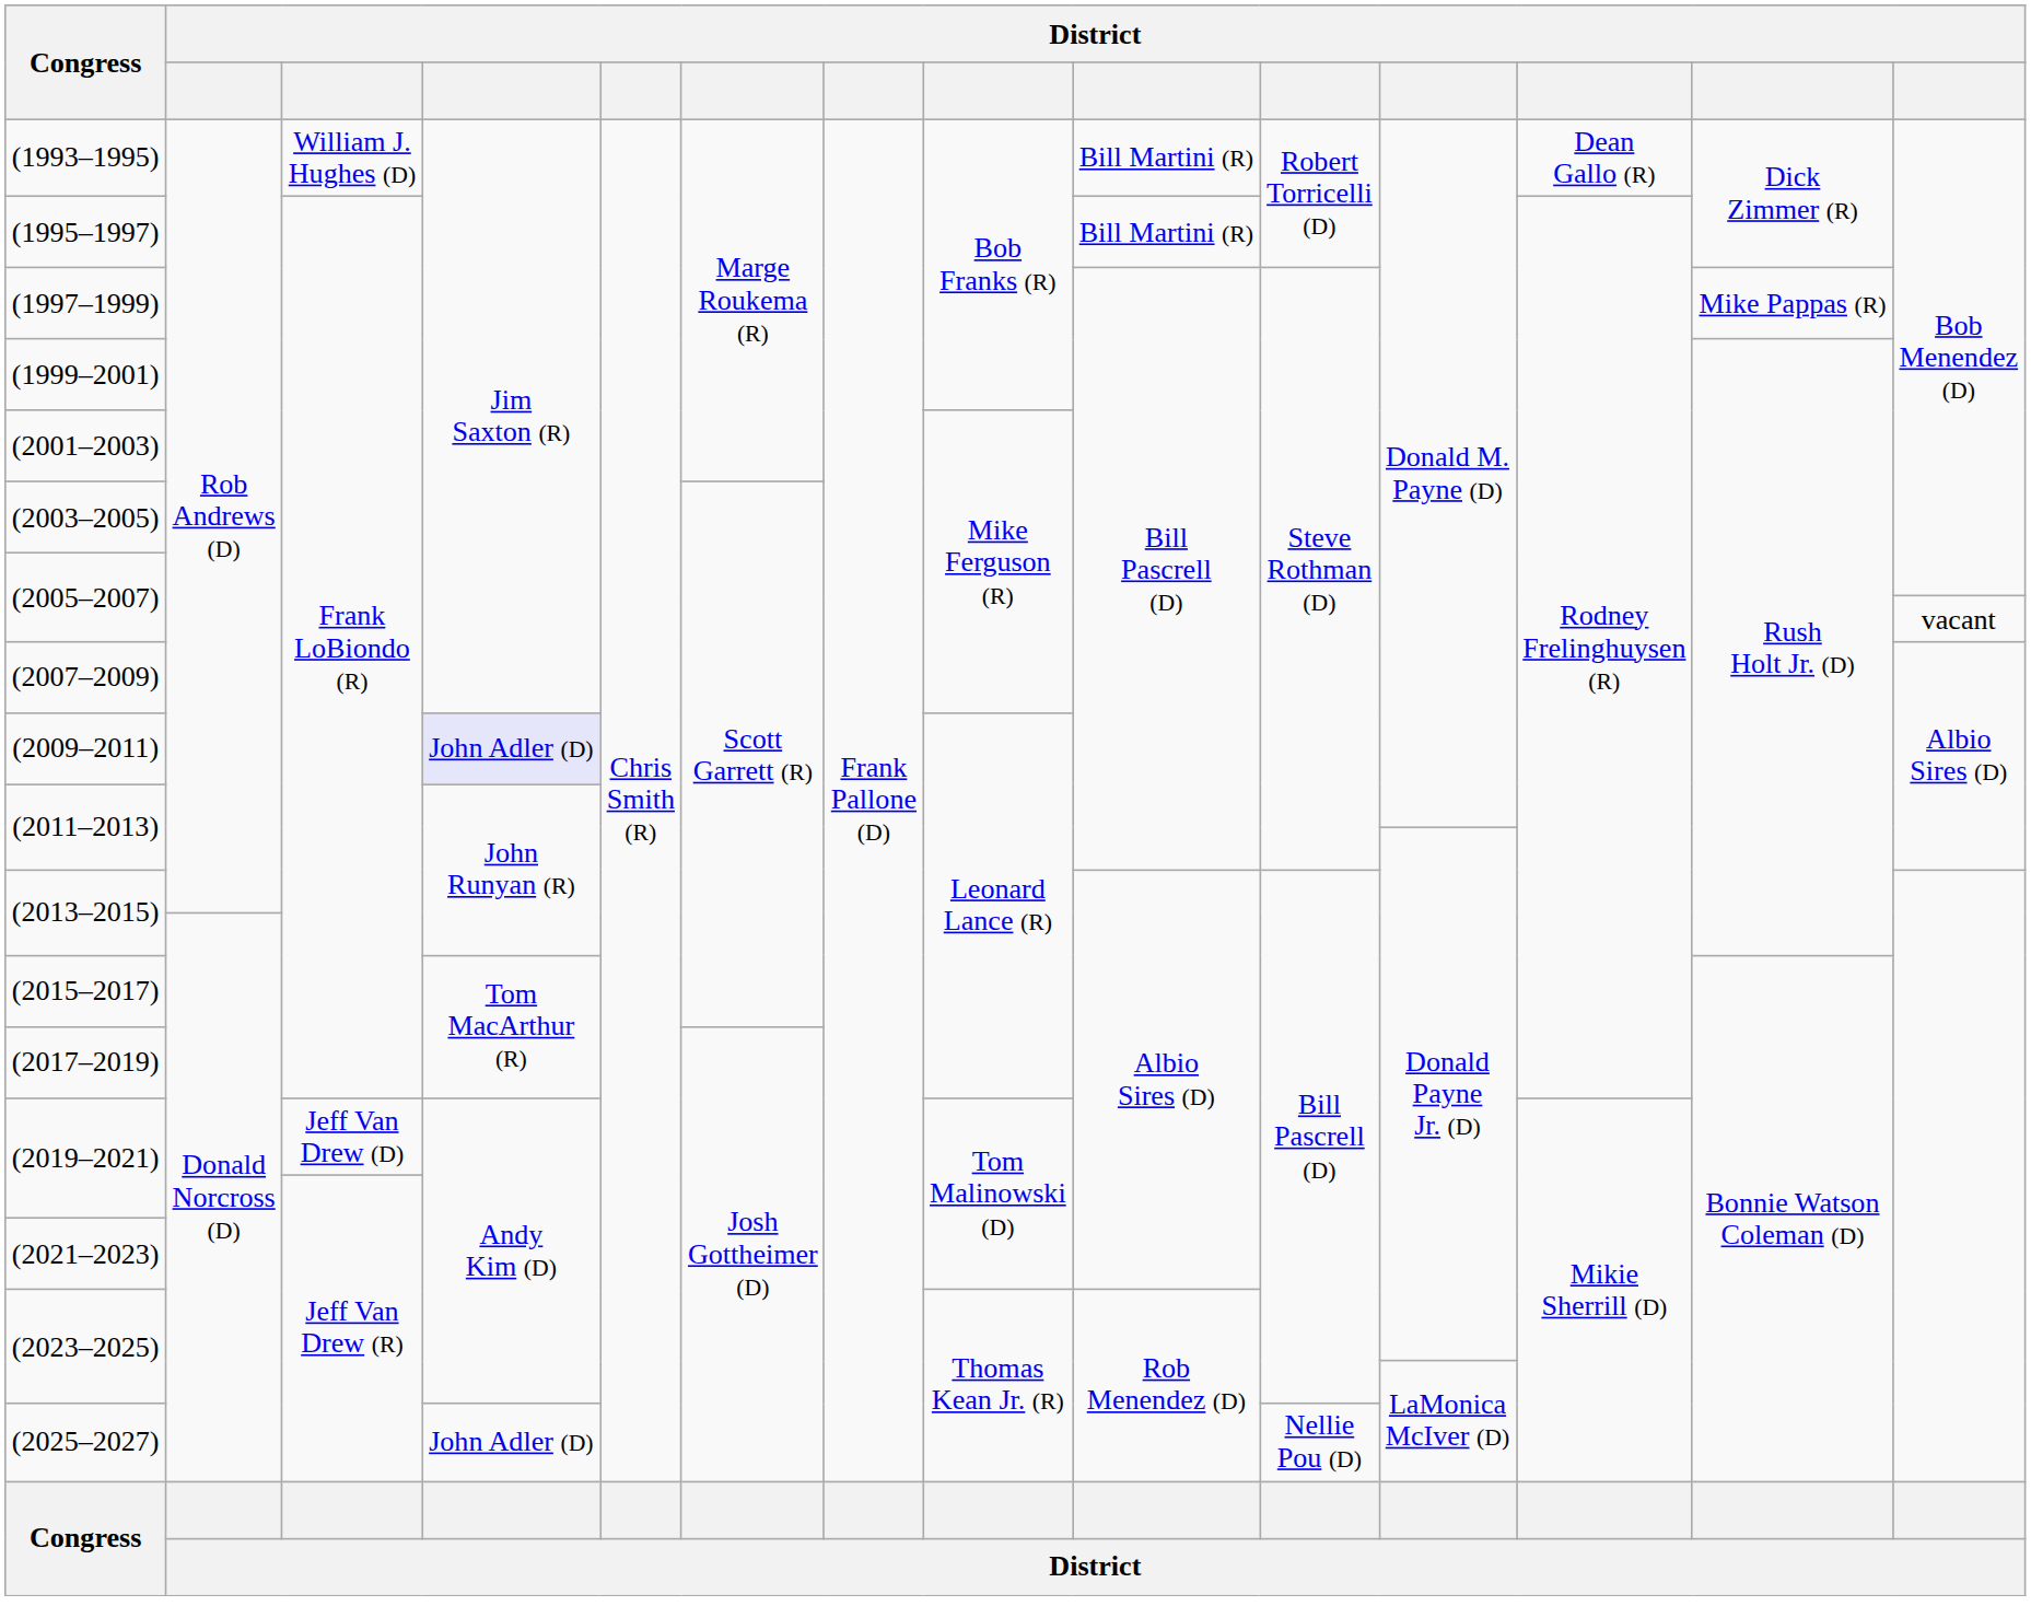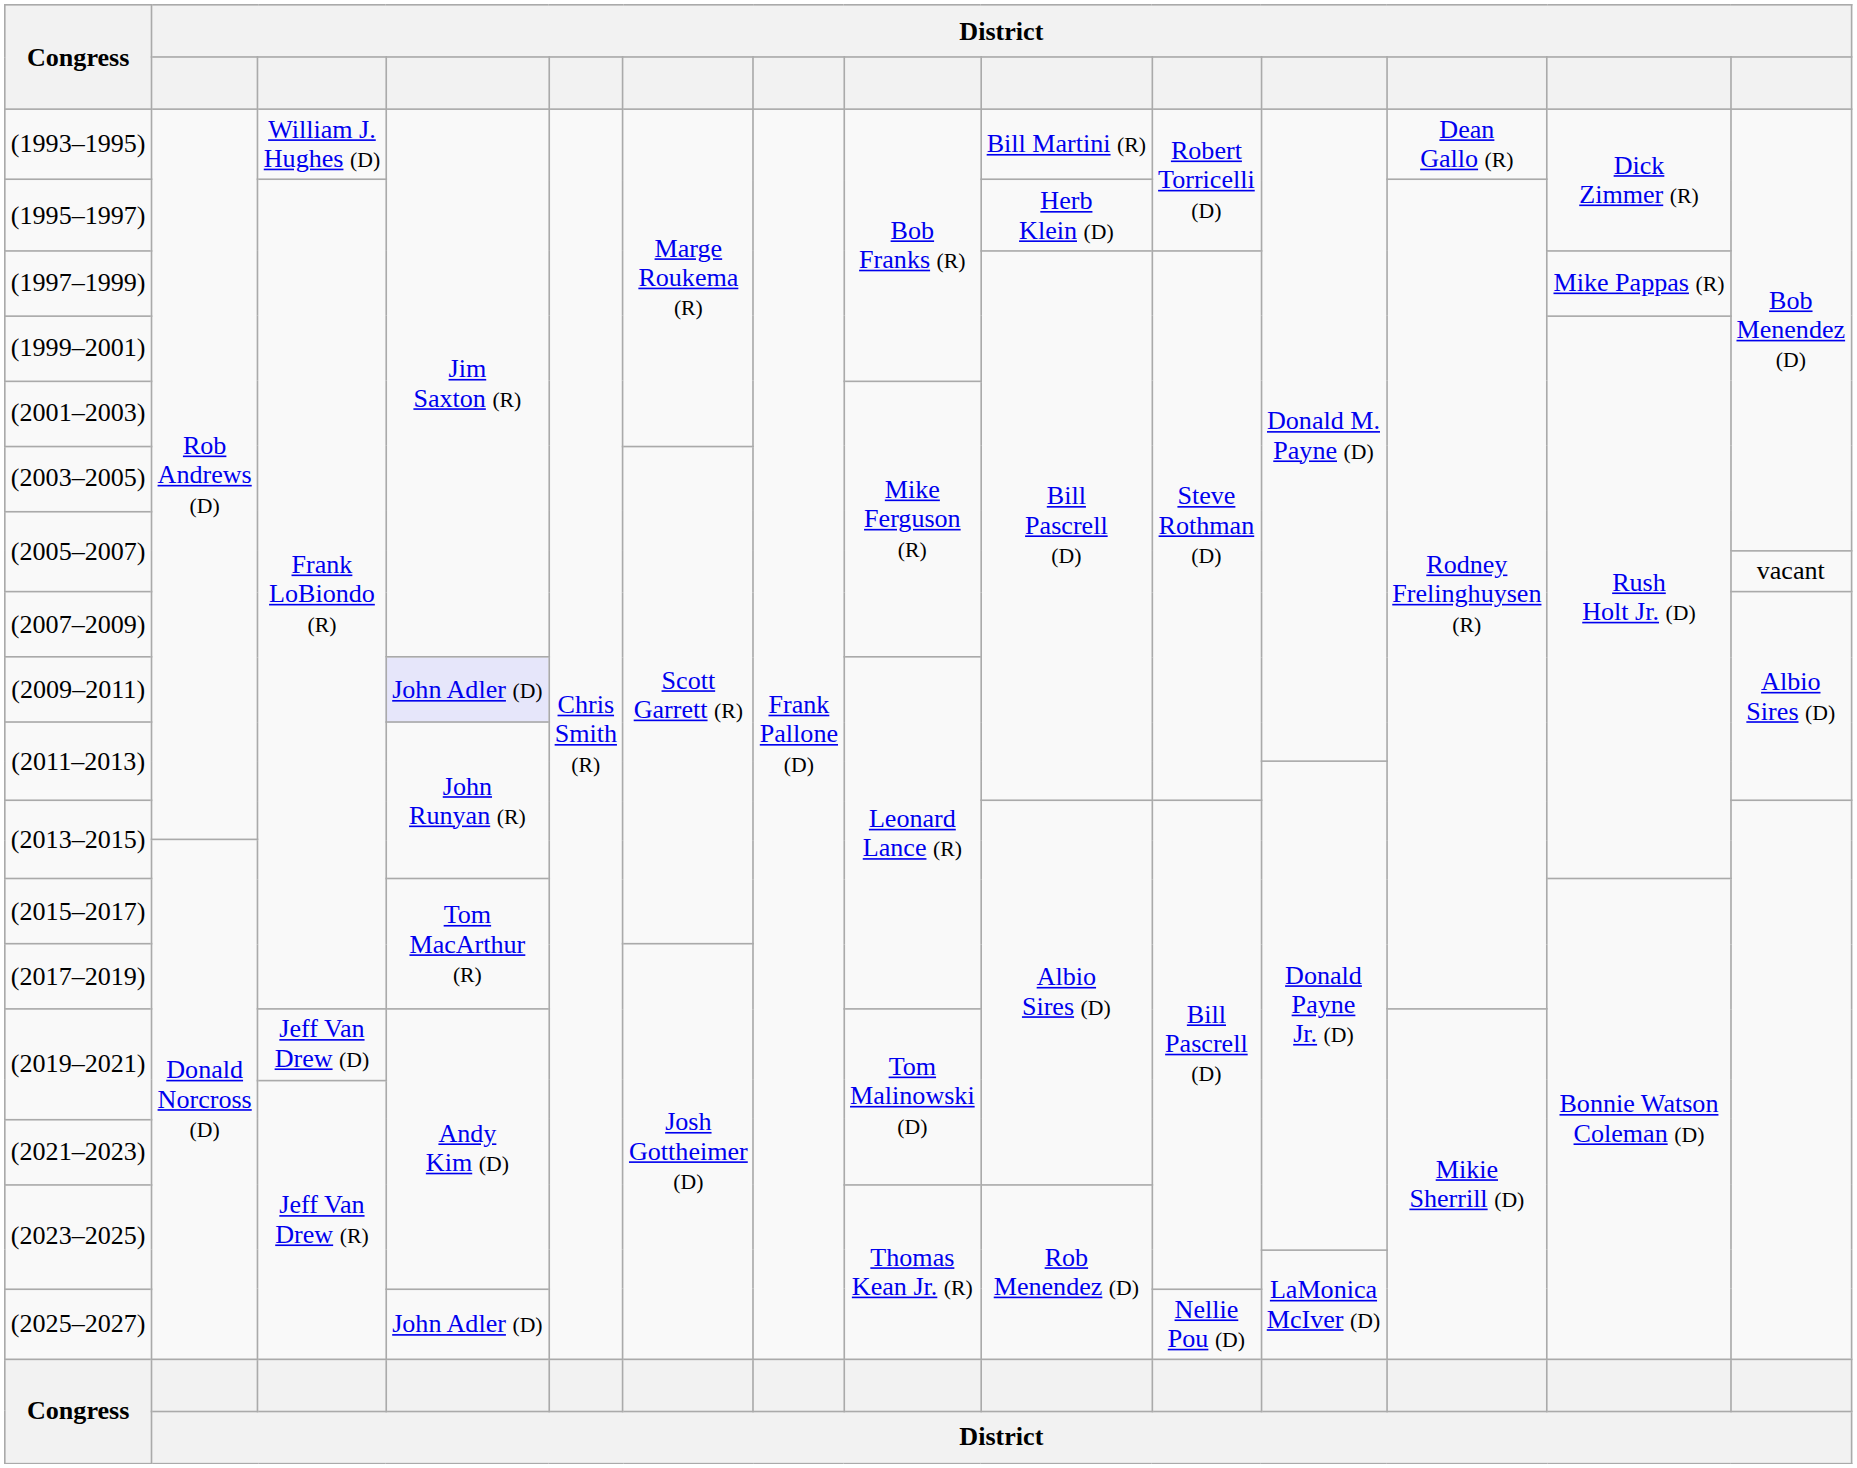 <table class=wikitable style="text-align:center">
 <tr style="height:2em">
 <th rowspan=2>Cong­ress</th>
 <th colspan=13>District</th>
 </tr>
 <tr style="height:2em">
 <th></th>
 <th></th>
 <th></th>
 <th></th>
 <th></th>
 <th></th>
 <th></th>
 <th></th>
 <th></th>
 <th></th>
 <th></th>
 <th></th>
 <th></th>
 </tr>
 <tr style="height:2.5em">
 <td><strong></strong> (1993–1995)</td>
 <td rowspan="13" ><a href='#'>Rob<br>Andrews</a><br><small>(D)</small></td>
 <td><a href='#'>William J.<br>Hughes</a> <small>(D)</small></td>
 <td rowspan="9" ><a href='#'>Jim<br>Saxton</a> <small>(R)</small></td>
 <td rowspan="22" ><a href='#'>Chris<br>Smith</a><br><small>(R)</small></td>
 <td rowspan="5" ><a href='#'>Marge<br>Roukema</a><br><small>(R)</small></td>
 <td rowspan="22" ><a href='#'>Frank<br>Pallone</a><br><small>(D)</small></td>
 <td rowspan=4 ><a href='#'>Bob<br>Franks</a> <small>(R)</small></td>
 <td><a href='#'>Bill Martini</a> <small>(R)</small></td>
 <td rowspan="2" ><a href='#'>Robert<br>Torricelli</a><br><small>(D)</small></td>
 <td rowspan="11" ><a href='#'>Donald M.<br>Payne</a> <small>(D)</small></td>
 <td><a href='#'>Dean<br>Gallo</a> <small>(R)</small></td>
 <td rowspan="2" ><a href='#'>Dick<br>Zimmer</a> <small>(R)</small></td>
 <td rowspan=7 ><a href='#'>Bob<br>Menendez</a><br><small>(D)</small></td>
 </tr>
 <tr style="height:2.5em">
 <td><strong></strong> (1995–1997)</td>
 <td rowspan="15" ><a href='#'>Frank<br>LoBiondo</a><br><small>(R)</small></td>
-<td><a href='#'>Bill Martini</a> <small>(R)</small></td>
+<td><a href='#'>Herb<br>Klein</a> <small>(D)</small></td>
 <td rowspan="15" ><a href='#'>Rodney<br>Freling­huysen</a><br><small>(R)</small></td>
 </tr>
 <tr style="height:2.5em">
 <td><strong></strong> (1997–1999)</td>
 <td rowspan="10" ><a href='#'>Bill<br>Pascrell</a><br><small>(D)</small></td>
 <td rowspan="10" ><a href='#'>Steve<br>Rothman</a><br><small>(D)</small></td>
 <td><a href='#'>Mike Pappas</a> <small>(R)</small></td>
 </tr>
 <tr style="height:2.5em">
 <td><strong></strong> (1999–2001)</td>
 <td rowspan="11" ><a href='#'>Rush<br>Holt Jr.</a> <small>(D)</small></td>
 </tr>
 <tr style="height:2.5em">
 <td><strong></strong> (2001–2003)</td>
 <td rowspan="5" ><a href='#'>Mike<br>Ferguson</a><br><small>(R)</small></td>
 </tr>
 <tr style="height:2.5em">
 <td><strong></strong> (2003–2005)</td>
 <td rowspan="10" ><a href='#'>Scott<br>Garrett</a> <small>(R)</small></td>
 </tr>
 <tr style="height:1.5em">
 <td rowspan="2"><strong></strong> (2005–2007)</td>
 </tr>
 <tr style="height:1.5em">
 <td>vacant</td>
 </tr>
 <tr style="height:2.5em">
 <td><strong></strong> (2007–2009)</td>
 <td rowspan=4 ><a href='#'>Albio<br>Sires</a> <small>(D)</small></td>
 </tr>
 <tr style="height:2.5em">
 <td><strong></strong> (2009–2011)</td>
 <td style="background: lavender;"><a href='#'>John Adler</a> <small>(D)</small></td>
 <td rowspan=7 ><a href='#'>Leonard<br>Lance</a> <small>(R)</small></td>
 </tr>
 <tr style="height:1.5em">
 <td rowspan=2><strong></strong> (2011–2013)</td>
 <td rowspan=4 ><a href='#'>John<br>Runyan</a> <small>(R)</small></td>
 </tr>
 <tr style="height:1.5em">
 <td rowspan=9 ><a href='#'>Donald<br>Payne<br>Jr.</a> <small>(D)</small></td>
 </tr>
 <tr style="height:1.5em">
 <td rowspan=2><strong></strong> (2013–2015)</td>
 <td rowspan=7 ><a href='#'>Albio<br>Sires</a> <small>(D)</small></td>
 <td rowspan=9 ><a href='#'>Bill<br>Pascrell</a><br><small>(D)</small></td>
 </tr>
 <tr style="height:1.5em">
 <td rowspan=9 ><a href='#'>Donald<br>Norcross</a><br><small>(D)</small></td>
 </tr>
 <tr style="height:2.5em">
 <td><strong></strong> (2015–2017)</td>
 <td rowspan=2 ><a href='#'>Tom<br>MacArthur</a><br><small>(R)</small></td>
 <td rowspan=8 ><a href='#'>Bonnie Watson<br>Coleman</a> <small>(D)</small></td>
 </tr>
 <tr style="height:2.5em">
 <td><strong></strong> (2017–2019)</td>
 <td rowspan=7 ><a href='#'>Josh<br>Gottheimer</a><br><small>(D)</small></td>
 </tr>
 <tr style="height:1.5em">
 <td rowspan=2><strong></strong> (2019–2021)</td>
 <td><a href='#'>Jeff Van<br>Drew</a> <small>(D)</small></td>
 <td rowspan=5 ><a href='#'>Andy<br>Kim</a> <small>(D)</small></td>
 <td rowspan=3 ><a href='#'>Tom<br>Malinow­ski</a><br><small>(D)</small></td>
 <td rowspan=6 ><a href='#'>Mikie<br>Sherrill</a> <small>(D)</small></td>
 </tr>
 <tr style="height:1.5em">
 <td rowspan=5 ><a href='#'>Jeff Van<br>Drew</a> <small>(R)</small></td>
 </tr>
 <tr style="height:2.5em">
 <td rowspan=1><strong></strong> (2021–2023)</td>
 </tr>
 <tr style="height:2.5em">
 <td rowspan=2><strong></strong> (2023–2025)</td>
 <td rowspan=3 ><a href='#'>Thomas<br>Kean Jr.</a> <small>(R)</small></td>
 <td rowspan=3 ><a href='#'>Rob<br>Menendez</a> <small>(D)</small></td>
 </tr>
 <tr style="height:1.5em">
 <td rowspan=2 ><a href='#'>LaMonica<br>McIver</a> <small>(D)</small></td>
 </tr>
 <tr style="height:2.5em">
 <td><strong></strong> (2025–2027)</td>
 <td><a href='#'>John Adler</a> <small>(D)</small></td>
 <td><a href='#'>Nellie<br>Pou</a> <small>(D)</small></td>
 </tr>
 <tr style="height:2em">
 <th rowspan=2>Cong­ress</th>
 <th></th>
 <th></th>
 <th></th>
 <th></th>
 <th></th>
 <th></th>
 <th></th>
 <th></th>
 <th></th>
 <th></th>
 <th></th>
 <th></th>
 <th></th>
 </tr>
 <tr style="height:2em">
 <th colspan=13>District</th>
 </tr>
 </table>
